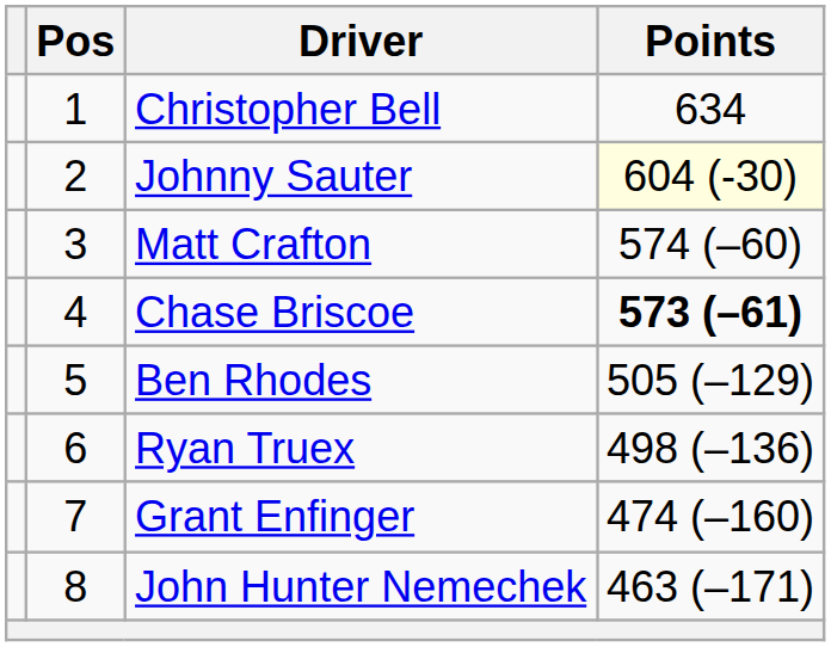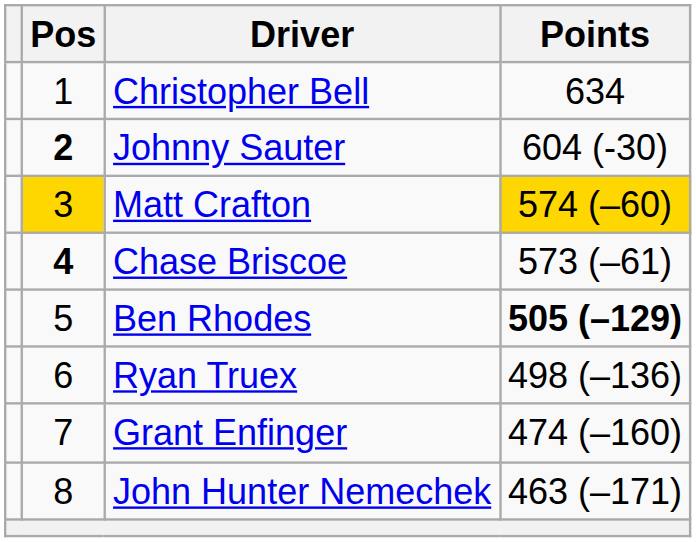 <table class="wikitable" style="font-size: 95%;">
 <tr>
 <th></th>
 <th>Pos</th>
 <th>Driver</th>
 <th>Points</th>
 </tr>
 <tr>
 <td align="left"></td>
 <td style="text-align:center;">1</td>
 <td><a href='#'>Christopher Bell</a></td>
 <td style="text-align:center;">634</td>
 </tr>
 <tr>
 <td align="left"></td>
-<td style="text-align:center;">2</td>
+<td style="text-align:center;"><strong>2</strong></td>
 <td><a href='#'>Johnny Sauter</a></td>
-<td style="background: lightyellow; text-align:center;">604 (-30)</td>
+<td style="text-align:center;">604 (-30)</td>
 </tr>
 <tr>
 <td align="left"></td>
-<td style="text-align:center;">3</td>
+<td style="background: gold; text-align:center;">3</td>
 <td><a href='#'>Matt Crafton</a></td>
-<td style="text-align:center;">574 (–60)</td>
+<td style="background: gold; text-align:center;">574 (–60)</td>
 </tr>
 <tr>
 <td align="left"></td>
-<td style="text-align:center;">4</td>
+<td style="text-align:center;"><strong>4</strong></td>
 <td><a href='#'>Chase Briscoe</a></td>
-<td style="text-align:center;"><strong>573 (–61)</strong></td>
+<td style="text-align:center;">573 (–61)</td>
 </tr>
 <tr>
 <td align="left"></td>
 <td style="text-align:center;">5</td>
 <td><a href='#'>Ben Rhodes</a></td>
-<td style="text-align:center;">505 (–129)</td>
+<td style="text-align:center;"><strong>505 (–129)</strong></td>
 </tr>
 <tr>
 <td align="left"></td>
 <td style="text-align:center;">6</td>
 <td><a href='#'>Ryan Truex</a></td>
 <td style="text-align:center;">498 (–136)</td>
 </tr>
 <tr>
 <td align="left"></td>
 <td style="text-align:center;">7</td>
 <td><a href='#'>Grant Enfinger</a></td>
 <td style="text-align:center;">474 (–160)</td>
 </tr>
 <tr>
 <td align="left"></td>
 <td style="text-align:center;">8</td>
 <td><a href='#'>John Hunter Nemechek</a></td>
 <td style="text-align:center;">463 (–171)</td>
 </tr>
 <tr class="sortbottom">
 <th colspan="9"></th>
 </tr>
 </table>
